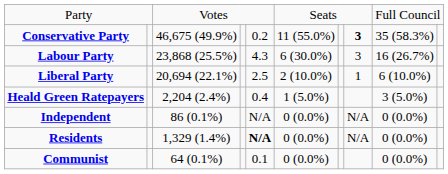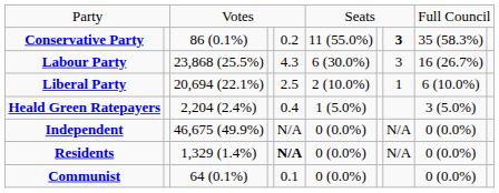 <table class=wikitable style="text-align:center;">
 <tr>
 <td colspan=2>Party</td>
 <td colspan=3>Votes</td>
 <td colspan=3>Seats</td>
 <td colspan=3>Full Council</td>
 </tr>
 <tr>
 <td><strong><a href='#'>Conservative Party</a></strong></td>
 <td style="background:"></td>
-<td>46,675 (49.9%)</td>
+<td>86 (0.1%)</td>
 <td></td>
 <td> 0.2</td>
 <td>11 (55.0%)</td>
 <td></td>
 <td><strong> 3</strong></td>
 <td>35 (58.3%)</td>
 <td></td>
 </tr>
 <tr>
 <td><strong><a href='#'>Labour Party</a></strong></td>
 <td style="background:"></td>
 <td>23,868 (25.5%)</td>
 <td></td>
 <td> 4.3</td>
 <td>6 (30.0%)</td>
 <td></td>
 <td> 3</td>
 <td>16 (26.7%)</td>
 <td></td>
 </tr>
 <tr>
 <td><strong><a href='#'>Liberal Party</a></strong></td>
 <td style="background:"></td>
 <td>20,694 (22.1%)</td>
 <td></td>
 <td> 2.5</td>
 <td>2  (10.0%)</td>
 <td></td>
 <td> 1</td>
 <td>6 (10.0%)</td>
 <td></td>
 </tr>
 <tr>
 <td><strong><a href='#'>Heald Green Ratepayers</a></strong></td>
 <td style="background:"></td>
 <td>2,204 (2.4%)</td>
 <td></td>
 <td> 0.4</td>
 <td>1  (5.0%)</td>
 <td></td>
 <td></td>
 <td>3 (5.0%)</td>
 <td></td>
 </tr>
 <tr>
 <td><strong><a href='#'>Independent</a></strong></td>
 <td style="background:"></td>
-<td>86 (0.1%)</td>
+<td>46,675 (49.9%)</td>
 <td></td>
 <td>N/A</td>
 <td>0  (0.0%)</td>
 <td></td>
 <td>N/A</td>
 <td>0 (0.0%)</td>
 <td></td>
 </tr>
 <tr>
 <td><strong><a href='#'>Residents</a></strong></td>
 <td style="background:"></td>
 <td>1,329 (1.4%)</td>
 <td></td>
 <td><strong>N/A</strong></td>
 <td>0  (0.0%)</td>
 <td></td>
 <td>N/A</td>
 <td>0 (0.0%)</td>
 <td></td>
 </tr>
 <tr>
 <td><strong><a href='#'>Communist</a></strong></td>
 <td style="background:"></td>
 <td>64 (0.1%)</td>
 <td></td>
 <td> 0.1</td>
 <td>0  (0.0%)</td>
 <td></td>
 <td></td>
 <td>0 (0.0%)</td>
 <td></td>
 </tr>
 </table>
